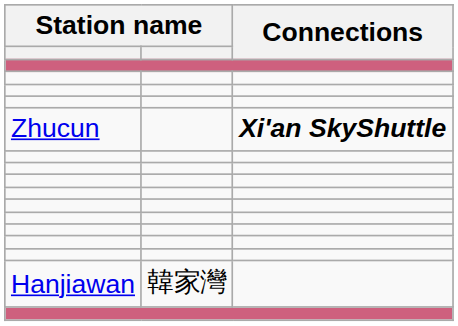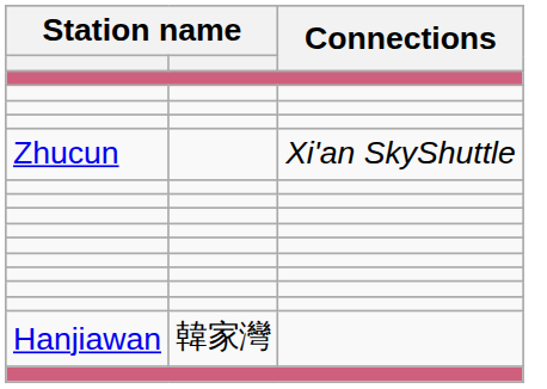 <table class="wikitable">
 <tr>
 <th colspan="2">Station name</th>
 <th rowspan="2">Connections<br> </th>
 </tr>
 <tr>
 <th></th>
 <th></th>
 </tr>
 <tr style = "background:#CE607E; height: 2pt">
 <td colspan = "7"></td>
 </tr>
 <tr>
 <td></td>
 <td></td>
 <td></td>
 </tr>
 <tr>
 <td></td>
 <td></td>
 <td></td>
 </tr>
 <tr>
 <td></td>
 <td></td>
 <td></td>
 </tr>
 <tr>
 <td><a href='#'>Zhucun</a></td>
 <td></td>
-<td><strong> <em>Xi'an SkyShuttle</em></strong></td>
+<td> <em>Xi'an SkyShuttle</em></td>
 </tr>
 <tr>
 <td></td>
 <td></td>
 <td></td>
 </tr>
 <tr>
 <td></td>
 <td></td>
 <td></td>
 </tr>
 <tr>
 <td></td>
 <td></td>
 <td></td>
 </tr>
 <tr>
 <td></td>
 <td></td>
 <td></td>
 </tr>
 <tr>
 <td></td>
 <td></td>
 <td></td>
 </tr>
 <tr>
 <td></td>
 <td></td>
 <td></td>
 </tr>
 <tr>
 <td></td>
 <td></td>
 <td></td>
 </tr>
 <tr>
 <td></td>
 <td></td>
 <td></td>
 </tr>
 <tr>
 <td></td>
 <td></td>
 <td></td>
 </tr>
 <tr>
 <td><a href='#'>Hanjiawan</a></td>
 <td>韓家灣</td>
 <td></td>
 </tr>
 <tr style = "background:#CE607E; height: 2pt">
 <td colspan = "7"></td>
 </tr>
 </table>
